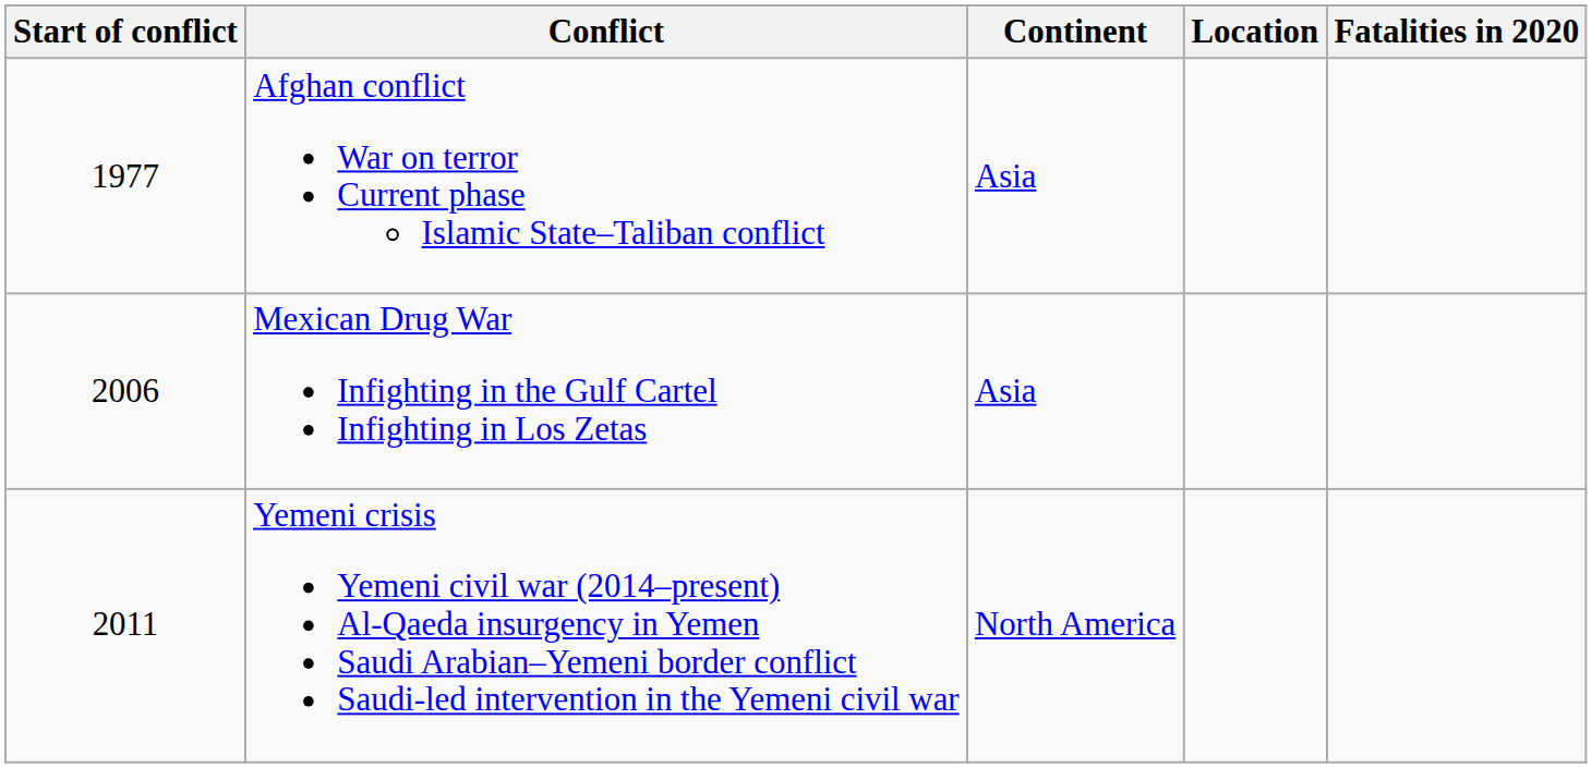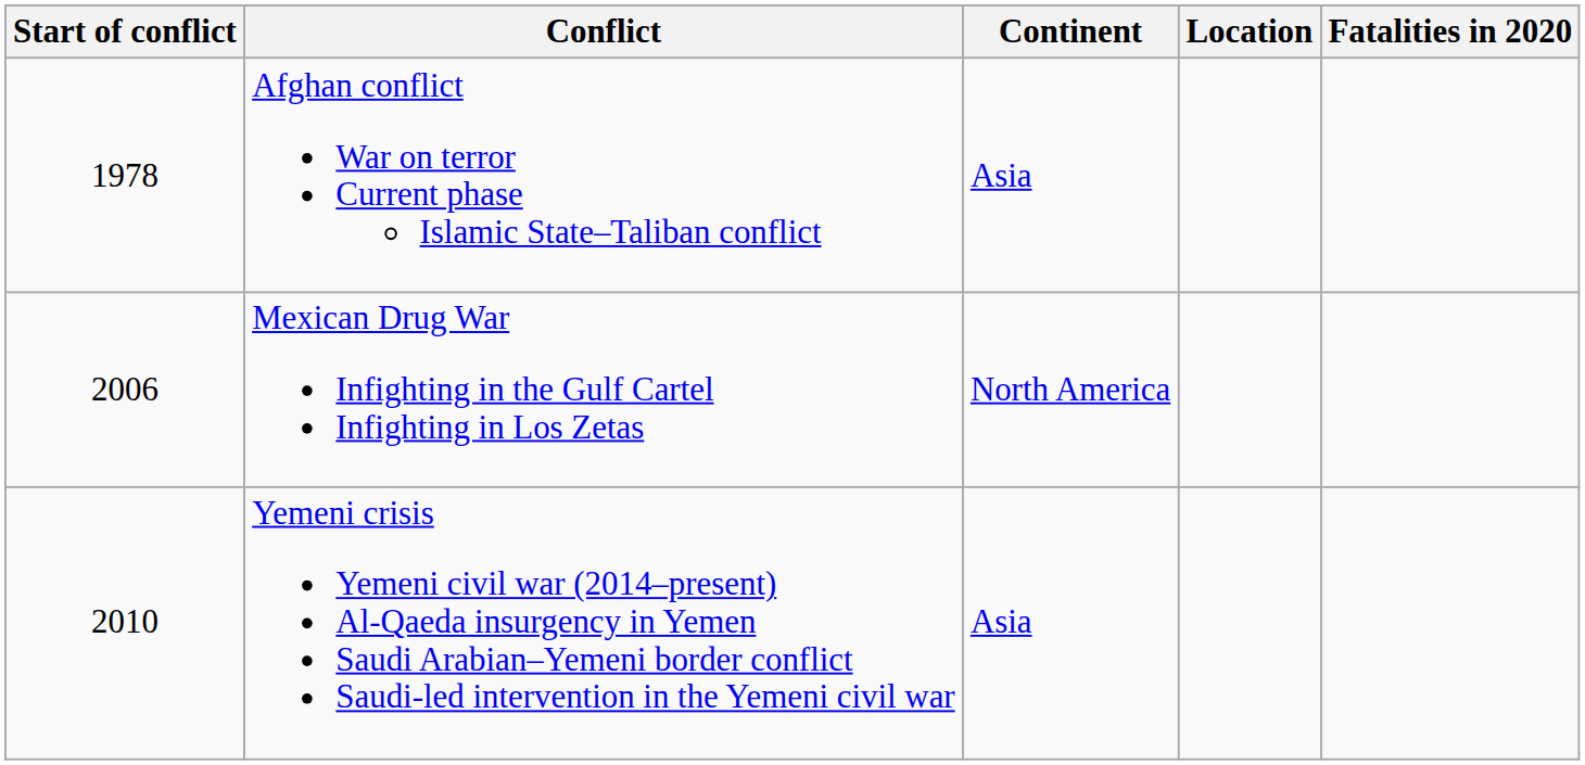 <table class="wikitable sortable">
 <tr>
 <th>Start of conflict</th>
 <th>Conflict</th>
 <th>Continent</th>
 <th>Location</th>
 <th data-sort-type="number">Fatalities in 2020</th>
 </tr>
 <tr>
-<td align=center>1977</td>
+<td align=center>1978</td>
 <td><a href='#'>Afghan conflict</a><br><ul><li><a href='#'>War on terror</a></li><li><a href='#'>Current phase</a><ul><li><a href='#'>Islamic State–Taliban conflict</a></li></ul></li></ul></td>
 <td><a href='#'>Asia</a></td>
 <td></td>
 <td></td>
 </tr>
 <tr>
 <td align=center>2006</td>
 <td><a href='#'>Mexican Drug War</a><br><ul><li><a href='#'>Infighting in the Gulf Cartel</a></li><li><a href='#'>Infighting in Los Zetas</a></li></ul></td>
-<td><a href='#'>Asia</a></td>
+<td><a href='#'>North America</a></td>
 <td></td>
 <td></td>
 </tr>
 <tr>
-<td align=center>2011</td>
+<td align=center>2010</td>
 <td><a href='#'>Yemeni crisis</a><br><ul><li><a href='#'>Yemeni civil war (2014–present)</a></li><li><a href='#'>Al-Qaeda insurgency in Yemen</a></li><li><a href='#'>Saudi Arabian–Yemeni border conflict</a></li><li><a href='#'>Saudi-led intervention in the Yemeni civil war</a></li></ul></td>
-<td><a href='#'>North America</a></td>
+<td><a href='#'>Asia</a></td>
 <td><br></td>
 <td></td>
 </tr>
 </table>
